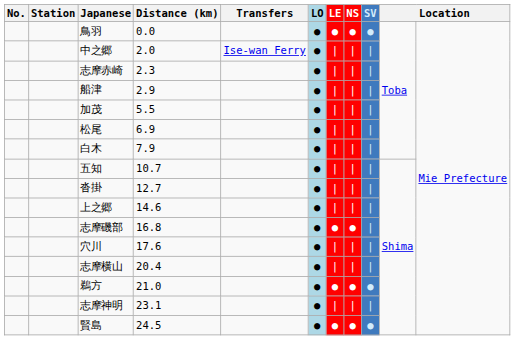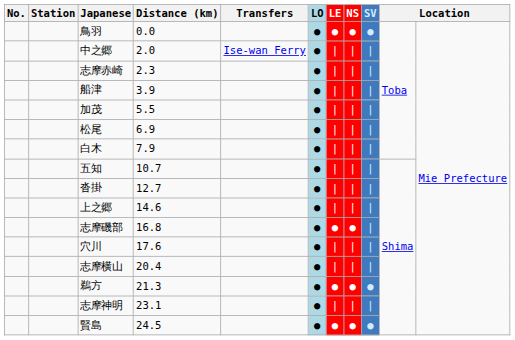 <table class=wikitable>
 <tr>
 <th>No.</th>
 <th>Station</th>
 <th>Japanese</th>
 <th>Distance (km)</th>
 <th>Transfers</th>
 <th style="background:lightblue; color:black;">LO</th>
 <th style="background:red; color:white;">LE</th>
 <th style="background:red; color:white;">NS</th>
 <th style="background:#3f7abe; color: #d2ecfb;">SV</th>
 <th colspan="2">Location</th>
 </tr>
 <tr>
 <td></td>
 <td></td>
 <td>鳥羽</td>
 <td>0.0</td>
 <td><br> </td>
 <td style="text-align:center; font-family:monospace; background:lightblue; color:black;">●</td>
 <td style="text-align:center; font-family:monospace; background:red; color:white;">●</td>
 <td style="text-align:center; font-family:monospace; background:red; color:white;">●</td>
 <td style="text-align:center; font-family:monospace; background:#3f7abe; color: #d2ecfb;">●</td>
 <td rowspan="7"><a href='#'>Toba</a></td>
 <td rowspan="16"><a href='#'>Mie Prefecture</a></td>
 </tr>
 <tr>
 <td></td>
 <td></td>
 <td>中之郷</td>
 <td>2.0</td>
 <td> <a href='#'>Ise-wan Ferry</a></td>
 <td style="text-align:center; font-family:monospace; background:lightblue; color:black;">●</td>
 <td style="text-align:center; font-family:monospace; background:red; color:white;">|</td>
 <td style="text-align:center; font-family:monospace; background:red; color:white;">|</td>
 <td style="text-align:center; font-family:monospace; background:#3f7abe; color: #d2ecfb;">|</td>
 </tr>
 <tr>
 <td></td>
 <td></td>
 <td>志摩赤崎</td>
 <td>2.3</td>
 <td></td>
 <td style="text-align:center; font-family:monospace; background:lightblue; color:black;">●</td>
 <td style="text-align:center; font-family:monospace; background:red; color:white;">|</td>
 <td style="text-align:center; font-family:monospace; background:red; color:white;">|</td>
 <td style="text-align:center; font-family:monospace; background:#3f7abe; color: #d2ecfb;">|</td>
 </tr>
 <tr>
 <td></td>
 <td></td>
 <td>船津</td>
-<td>2.9</td>
+<td>3.9</td>
 <td></td>
 <td style="text-align:center; font-family:monospace; background:lightblue; color:black;">●</td>
 <td style="text-align:center; font-family:monospace; background:red; color:white;">|</td>
 <td style="text-align:center; font-family:monospace; background:red; color:white;">|</td>
 <td style="text-align:center; font-family:monospace; background:#3f7abe; color: #d2ecfb;">|</td>
 </tr>
 <tr>
 <td></td>
 <td></td>
 <td>加茂</td>
 <td>5.5</td>
 <td></td>
 <td style="text-align:center; font-family:monospace; background:lightblue; color:black;">●</td>
 <td style="text-align:center; font-family:monospace; background:red; color:white;">|</td>
 <td style="text-align:center; font-family:monospace; background:red; color:white;">|</td>
 <td style="text-align:center; font-family:monospace; background:#3f7abe; color: #d2ecfb;">|</td>
 </tr>
 <tr>
 <td></td>
 <td></td>
 <td>松尾</td>
 <td>6.9</td>
 <td></td>
 <td style="text-align:center; font-family:monospace; background:lightblue; color:black;">●</td>
 <td style="text-align:center; font-family:monospace; background:red; color:white;">|</td>
 <td style="text-align:center; font-family:monospace; background:red; color:white;">|</td>
 <td style="text-align:center; font-family:monospace; background:#3f7abe; color: #d2ecfb;">|</td>
 </tr>
 <tr>
 <td></td>
 <td></td>
 <td>白木</td>
 <td>7.9</td>
 <td></td>
 <td style="text-align:center; font-family:monospace; background:lightblue; color:black;">●</td>
 <td style="text-align:center; font-family:monospace; background:red; color:white;">|</td>
 <td style="text-align:center; font-family:monospace; background:red; color:white;">|</td>
 <td style="text-align:center; font-family:monospace; background:#3f7abe; color: #d2ecfb;">|</td>
 </tr>
 <tr>
 <td></td>
 <td></td>
 <td>五知</td>
 <td>10.7</td>
 <td></td>
 <td style="text-align:center; font-family:monospace; background:lightblue; color:black;">●</td>
 <td style="text-align:center; font-family:monospace; background:red; color:white;">|</td>
 <td style="text-align:center; font-family:monospace; background:red; color:white;">|</td>
 <td style="text-align:center; font-family:monospace; background:#3f7abe; color: #d2ecfb;">|</td>
 <td rowspan="9" style="text-align:center;"><a href='#'>Shima</a></td>
 </tr>
 <tr>
 <td></td>
 <td></td>
 <td>沓掛</td>
 <td>12.7</td>
 <td></td>
 <td style="text-align:center; font-family:monospace; background:lightblue; color:black;">●</td>
 <td style="text-align:center; font-family:monospace; background:red; color:white;">|</td>
 <td style="text-align:center; font-family:monospace; background:red; color:white;">|</td>
 <td style="text-align:center; font-family:monospace; background:#3f7abe; color: #d2ecfb;">|</td>
 </tr>
 <tr>
 <td></td>
 <td></td>
 <td>上之郷</td>
 <td>14.6</td>
 <td></td>
 <td style="text-align:center; font-family:monospace; background:lightblue; color:black;">●</td>
 <td style="text-align:center; font-family:monospace; background:red; color:white;">|</td>
 <td style="text-align:center; font-family:monospace; background:red; color:white;">|</td>
 <td style="text-align:center; font-family:monospace; background:#3f7abe; color: #d2ecfb;">|</td>
 </tr>
 <tr>
 <td></td>
 <td></td>
 <td>志摩磯部</td>
 <td>16.8</td>
 <td></td>
 <td style="text-align:center; font-family:monospace; background:lightblue; color:black;">●</td>
 <td style="text-align:center; font-family:monospace; background:red; color:white;">●</td>
 <td style="text-align:center; font-family:monospace; background:red; color:white;">●</td>
 <td style="text-align:center; font-family:monospace; background:#3f7abe; color: #d2ecfb;">|</td>
 </tr>
 <tr>
 <td></td>
 <td></td>
 <td>穴川</td>
 <td>17.6</td>
 <td></td>
 <td style="text-align:center; font-family:monospace; background:lightblue; color:black;">●</td>
 <td style="text-align:center; font-family:monospace; background:red; color:white;">|</td>
 <td style="text-align:center; font-family:monospace; background:red; color:white;">|</td>
 <td style="text-align:center; font-family:monospace; background:#3f7abe; color: #d2ecfb;">|</td>
 </tr>
 <tr>
 <td></td>
 <td></td>
 <td>志摩横山</td>
 <td>20.4</td>
 <td></td>
 <td style="text-align:center; font-family:monospace; background:lightblue; color:black;">●</td>
 <td style="text-align:center; font-family:monospace; background:red; color:white;">|</td>
 <td style="text-align:center; font-family:monospace; background:red; color:white;">|</td>
 <td style="text-align:center; font-family:monospace; background:#3f7abe; color: #d2ecfb;">|</td>
 </tr>
 <tr>
 <td></td>
 <td></td>
 <td>鵜方</td>
-<td>21.0</td>
+<td>21.3</td>
 <td></td>
 <td style="text-align:center; font-family:monospace; background:lightblue; color:black;">●</td>
 <td style="text-align:center; font-family:monospace; background:red; color:white;">●</td>
 <td style="text-align:center; font-family:monospace; background:red; color:white;">●</td>
 <td style="text-align:center; font-family:monospace; background:#3f7abe; color: #d2ecfb;">●</td>
 </tr>
 <tr>
 <td></td>
 <td></td>
 <td>志摩神明</td>
 <td>23.1</td>
 <td></td>
 <td style="text-align:center; font-family:monospace; background:lightblue; color:black;">●</td>
 <td style="text-align:center; font-family:monospace; background:red; color:white;">|</td>
 <td style="text-align:center; font-family:monospace; background:red; color:white;">|</td>
 <td style="text-align:center; font-family:monospace; background:#3f7abe; color: #d2ecfb;">|</td>
 </tr>
 <tr>
 <td></td>
 <td></td>
 <td>賢島</td>
 <td>24.5</td>
 <td></td>
 <td style="text-align:center; font-family:monospace; background:lightblue; color:black;">●</td>
 <td style="text-align:center; font-family:monospace; background:red; color:white;">●</td>
 <td style="text-align:center; font-family:monospace; background:red; color:white;">●</td>
 <td style="text-align:center; font-family:monospace; background:#3f7abe; color: #d2ecfb;">●</td>
 </tr>
 </table>
